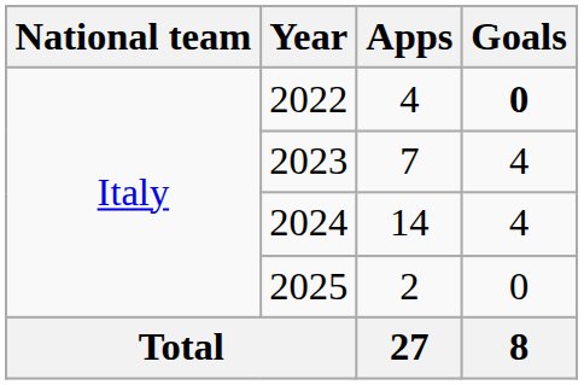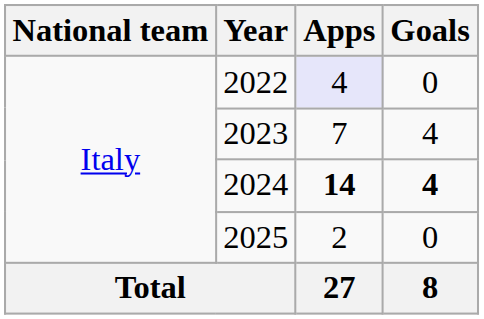 <table class="wikitable" style="text-align:center">
 <tr>
 <th>National team</th>
 <th>Year</th>
 <th>Apps</th>
 <th>Goals</th>
 </tr>
 <tr>
 <td rowspan="4"><a href='#'>Italy</a></td>
 <td>2022</td>
-<td>4</td>
-<td><strong>0</strong></td>
+<td style="background: lavender;">4</td>
+<td>0</td>
 </tr>
 <tr>
 <td>2023</td>
 <td>7</td>
 <td>4</td>
 </tr>
 <tr>
 <td>2024</td>
-<td>14</td>
-<td>4</td>
+<td><strong>14</strong></td>
+<td><strong>4</strong></td>
 </tr>
 <tr>
 <td>2025</td>
 <td>2</td>
 <td>0</td>
 </tr>
 <tr>
 <th colspan="2">Total</th>
 <th>27</th>
 <th>8</th>
 </tr>
 </table>
